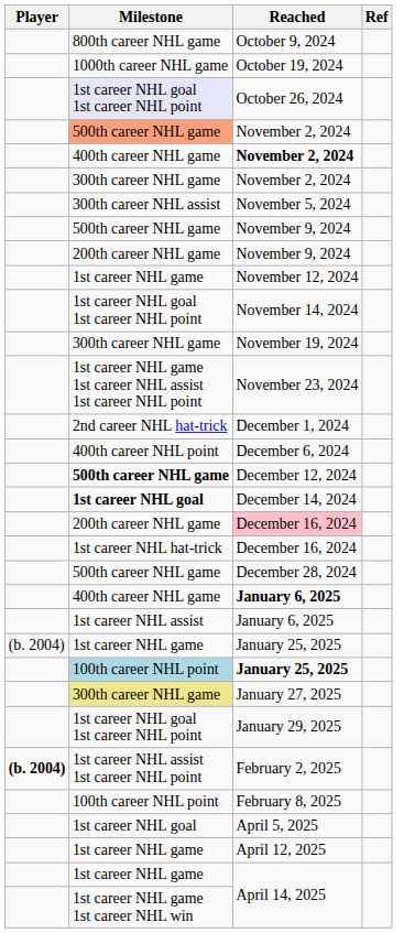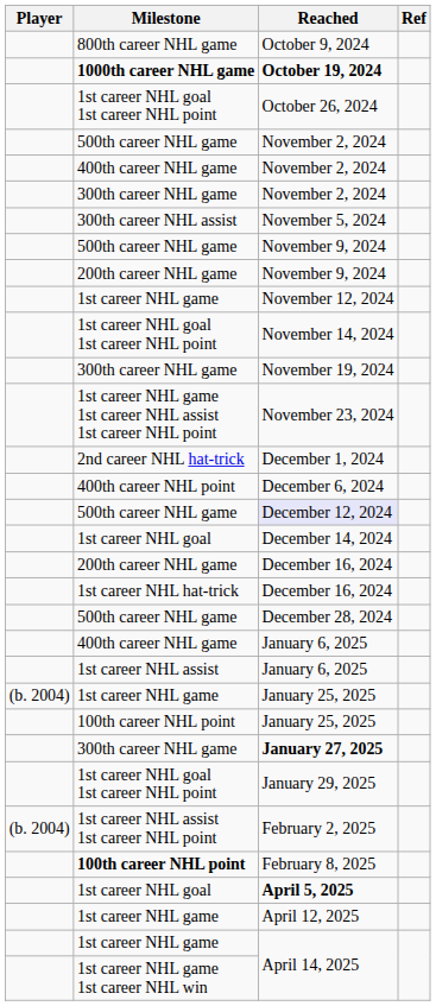 <table class="wikitable sortable">
 <tr>
 <th>Player</th>
 <th>Milestone</th>
 <th data-sort-type="date">Reached</th>
 <th>Ref</th>
 </tr>
 <tr>
 <td></td>
 <td>800th career NHL game</td>
 <td>October 9, 2024</td>
 <td></td>
 </tr>
 <tr>
 <td></td>
-<td>1000th career NHL game</td>
-<td>October 19, 2024</td>
+<td><strong>1000th career NHL game</strong></td>
+<td><strong>October 19, 2024</strong></td>
 <td></td>
 </tr>
 <tr>
 <td></td>
-<td style="background: lavender;">1st career NHL goal<br>1st career NHL point</td>
+<td>1st career NHL goal<br>1st career NHL point</td>
 <td>October 26, 2024</td>
 <td></td>
 </tr>
 <tr>
 <td></td>
-<td style="background: lightsalmon;">500th career NHL game</td>
+<td>500th career NHL game</td>
 <td>November 2, 2024</td>
 <td></td>
 </tr>
 <tr>
 <td></td>
 <td>400th career NHL game</td>
-<td><strong>November 2, 2024</strong></td>
+<td>November 2, 2024</td>
 <td></td>
 </tr>
 <tr>
 <td></td>
 <td>300th career NHL game</td>
 <td>November 2, 2024</td>
 <td></td>
 </tr>
 <tr>
 <td></td>
 <td>300th career NHL assist</td>
 <td>November 5, 2024</td>
 <td></td>
 </tr>
 <tr>
 <td></td>
 <td>500th career NHL game</td>
 <td>November 9, 2024</td>
 <td></td>
 </tr>
 <tr>
 <td></td>
 <td>200th career NHL game</td>
 <td>November 9, 2024</td>
 <td></td>
 </tr>
 <tr>
 <td></td>
 <td>1st career NHL game</td>
 <td>November 12, 2024</td>
 <td></td>
 </tr>
 <tr>
 <td></td>
 <td>1st career NHL goal<br>1st career NHL point</td>
 <td>November 14, 2024</td>
 <td></td>
 </tr>
 <tr>
 <td></td>
 <td>300th career NHL game</td>
 <td>November 19, 2024</td>
 <td></td>
 </tr>
 <tr>
 <td></td>
 <td>1st career NHL game<br>1st career NHL assist<br>1st career NHL point</td>
 <td>November 23, 2024</td>
 <td></td>
 </tr>
 <tr>
 <td></td>
 <td>2nd career NHL <a href='#'>hat-trick</a></td>
 <td>December 1, 2024</td>
 <td></td>
 </tr>
 <tr>
 <td></td>
 <td>400th career NHL point</td>
 <td>December 6, 2024</td>
 <td></td>
 </tr>
 <tr>
 <td></td>
-<td><strong>500th career NHL game</strong></td>
-<td>December 12, 2024</td>
+<td>500th career NHL game</td>
+<td style="background: lavender;">December 12, 2024</td>
 <td></td>
 </tr>
 <tr>
 <td></td>
-<td><strong>1st career NHL goal</strong></td>
+<td>1st career NHL goal</td>
 <td>December 14, 2024</td>
 <td></td>
 </tr>
 <tr>
 <td></td>
 <td>200th career NHL game</td>
-<td style="background: pink;">December 16, 2024</td>
+<td>December 16, 2024</td>
 <td></td>
 </tr>
 <tr>
 <td></td>
 <td>1st career NHL hat-trick</td>
 <td>December 16, 2024</td>
 <td></td>
 </tr>
 <tr>
 <td></td>
 <td>500th career NHL game</td>
 <td>December 28, 2024</td>
 <td></td>
 </tr>
 <tr>
 <td></td>
 <td>400th career NHL game</td>
-<td><strong>January 6, 2025</strong></td>
+<td>January 6, 2025</td>
 <td></td>
 </tr>
 <tr>
 <td></td>
 <td>1st career NHL assist</td>
 <td>January 6, 2025</td>
 <td></td>
 </tr>
 <tr>
 <td> (b. 2004)</td>
 <td>1st career NHL game</td>
 <td>January 25, 2025</td>
 <td></td>
 </tr>
 <tr>
 <td></td>
-<td style="background: lightblue;">100th career NHL point</td>
-<td><strong>January 25, 2025</strong></td>
+<td>100th career NHL point</td>
+<td>January 25, 2025</td>
 <td></td>
 </tr>
 <tr>
 <td></td>
-<td style="background: khaki;">300th career NHL game</td>
-<td>January 27, 2025</td>
+<td>300th career NHL game</td>
+<td><strong>January 27, 2025</strong></td>
 <td></td>
 </tr>
 <tr>
 <td></td>
 <td>1st career NHL goal<br>1st career NHL point</td>
 <td>January 29, 2025</td>
 <td></td>
 </tr>
 <tr>
-<td><strong> (b. 2004)</strong></td>
+<td> (b. 2004)</td>
 <td>1st career NHL assist<br>1st career NHL point</td>
 <td>February 2, 2025</td>
 <td></td>
 </tr>
 <tr>
 <td></td>
-<td>100th career NHL point</td>
+<td><strong>100th career NHL point</strong></td>
 <td>February 8, 2025</td>
 <td></td>
 </tr>
 <tr>
 <td></td>
 <td>1st career NHL goal</td>
-<td>April 5, 2025</td>
+<td><strong>April 5, 2025</strong></td>
 <td></td>
 </tr>
 <tr>
 <td></td>
 <td>1st career NHL game</td>
 <td>April 12, 2025</td>
 <td></td>
 </tr>
 <tr>
 <td></td>
 <td>1st career NHL game</td>
 <td rowspan=2>April 14, 2025</td>
 <td rowspan=2></td>
 </tr>
 <tr>
 <td></td>
 <td>1st career NHL game<br>1st career NHL win</td>
 </tr>
 </table>
